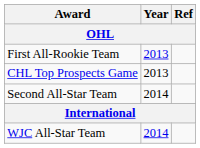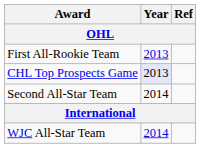 <table class="wikitable">
 <tr>
 <th>Award</th>
 <th>Year</th>
 <th>Ref</th>
 </tr>
 <tr>
 <th colspan="3"><a href='#'>OHL</a></th>
 </tr>
 <tr>
 <td>First All-Rookie Team</td>
 <td><a href='#'>2013</a></td>
 <td></td>
 </tr>
 <tr>
 <td><a href='#'>CHL Top Prospects Game</a></td>
-<td>2013</td>
+<td style="background: lavender;">2013</td>
 <td></td>
 </tr>
 <tr>
 <td>Second All-Star Team</td>
 <td>2014</td>
 <td></td>
 </tr>
 <tr>
 <th colspan="3"><a href='#'>International</a></th>
 </tr>
 <tr>
 <td><a href='#'>WJC</a> All-Star Team</td>
 <td><a href='#'>2014</a></td>
 <td></td>
 </tr>
 </table>
